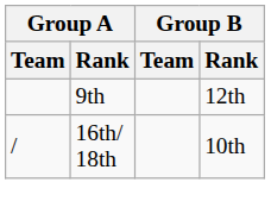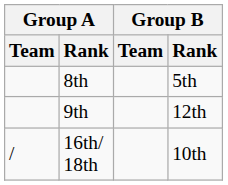 <table class="wikitable">
 <tr>
 <th colspan="2">Group A</th>
 <th colspan="2">Group B</th>
 </tr>
 <tr>
 <th>Team</th>
 <th>Rank</th>
 <th>Team</th>
 <th>Rank</th>
+</tr>
+<tr>
+<td></td>
+<td>8th</td>
+<td></td>
+<td>5th</td>
 </tr>
 <tr>
 <td></td>
 <td>9th</td>
 <td></td>
 <td>12th</td>
 </tr>
 <tr>
 <td>/<br></td>
 <td>16th/<br>18th</td>
 <td></td>
 <td>10th</td>
 </tr>
 </table>
